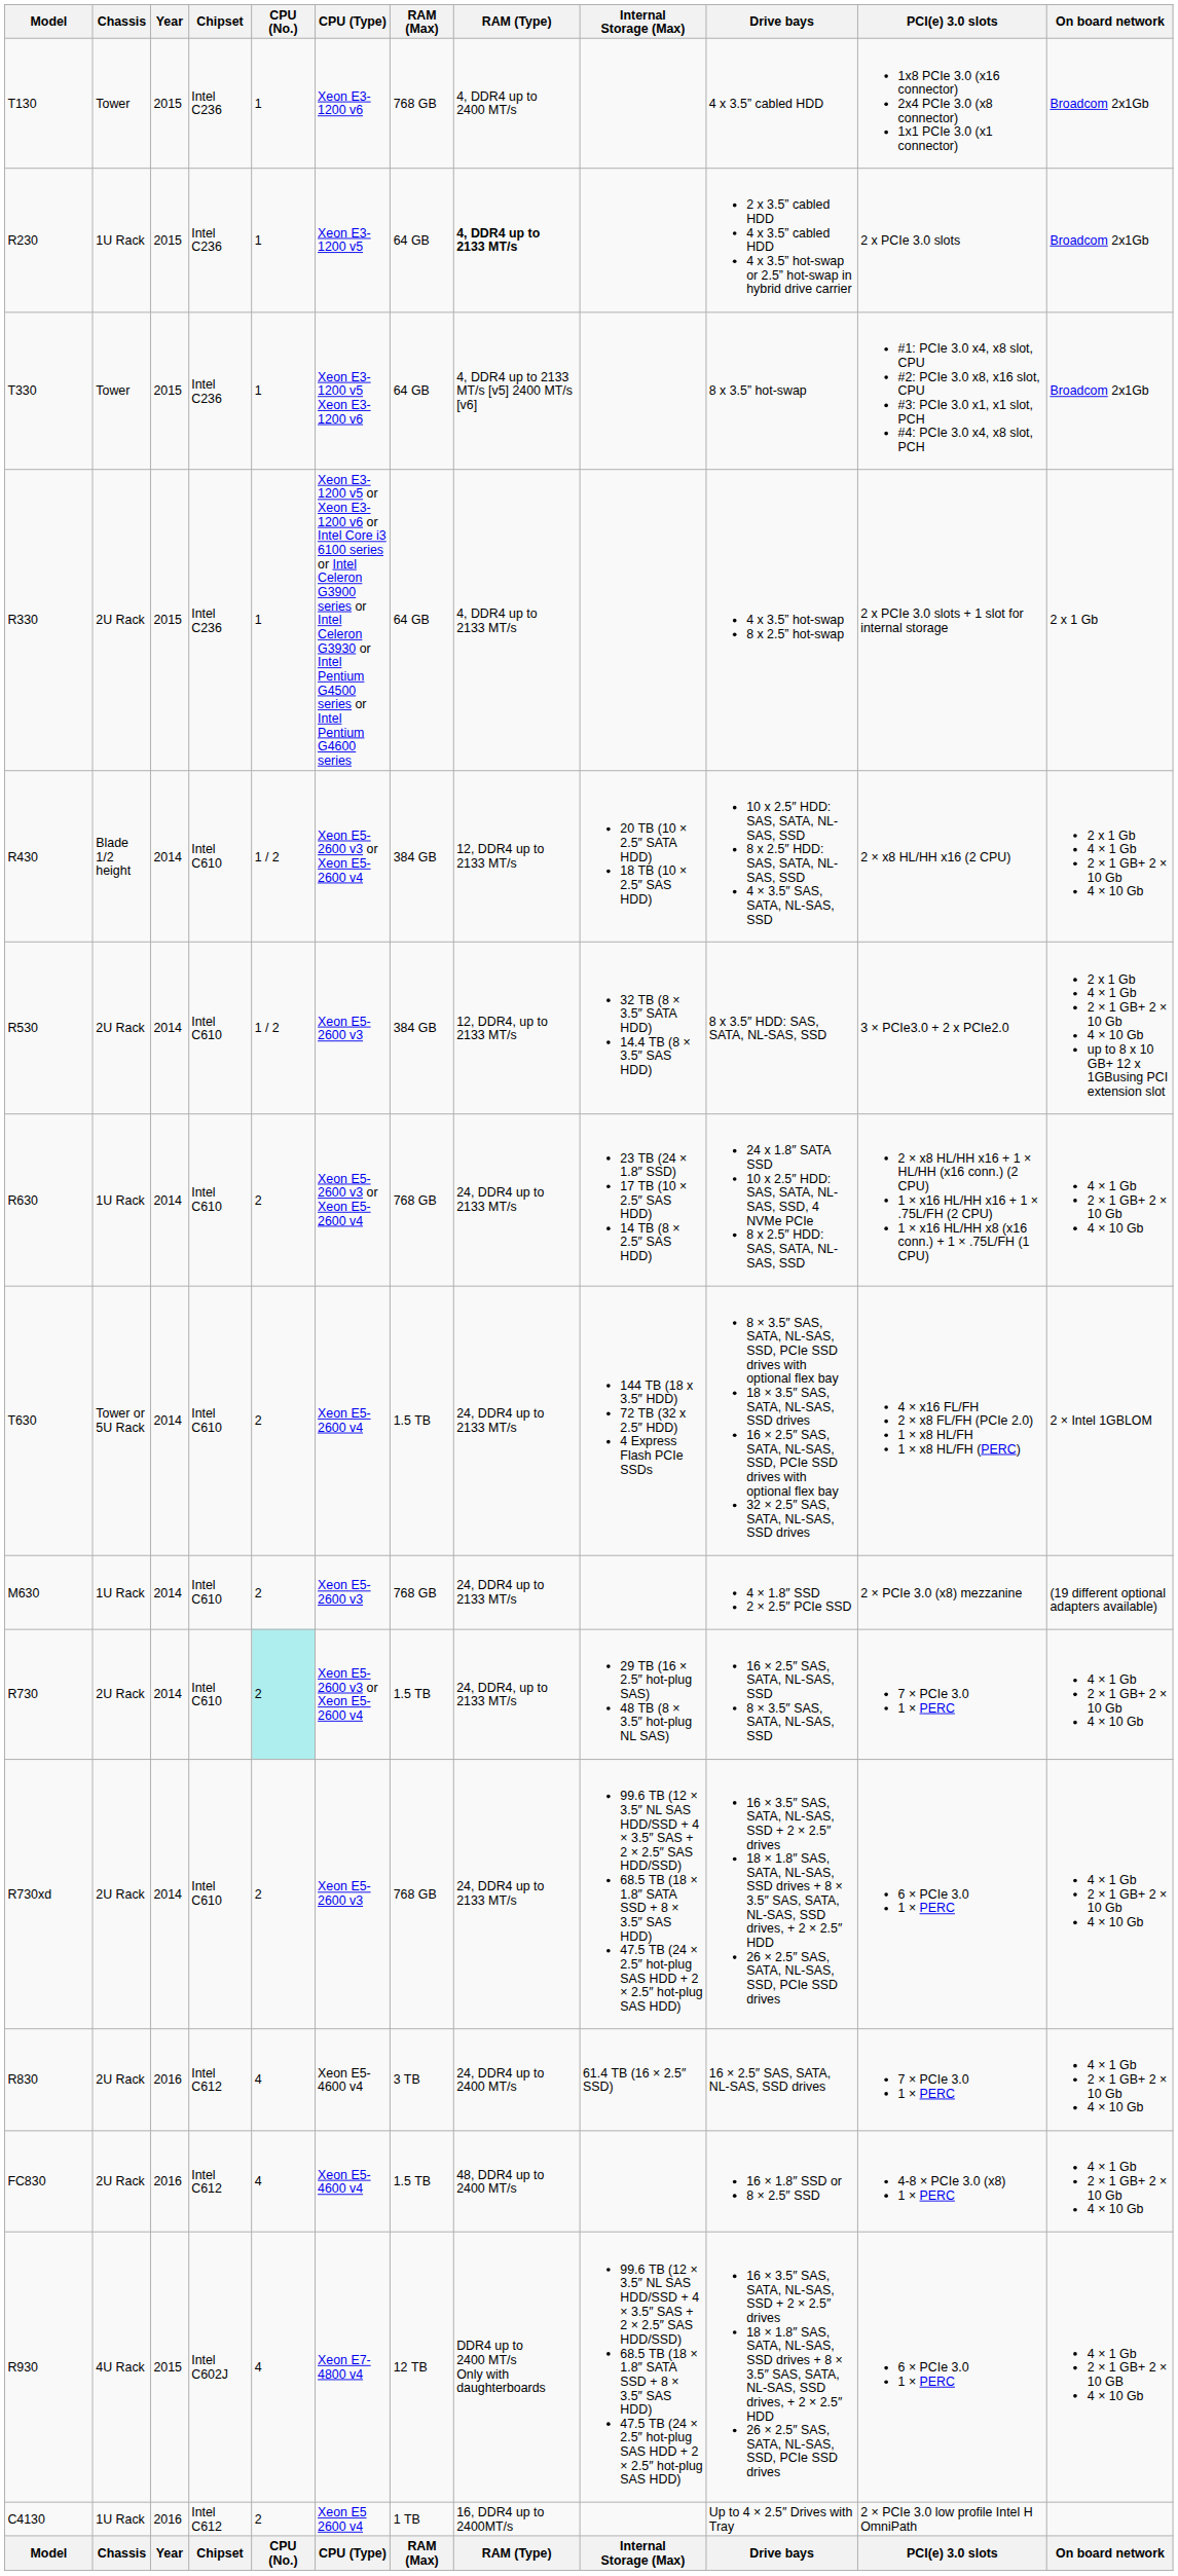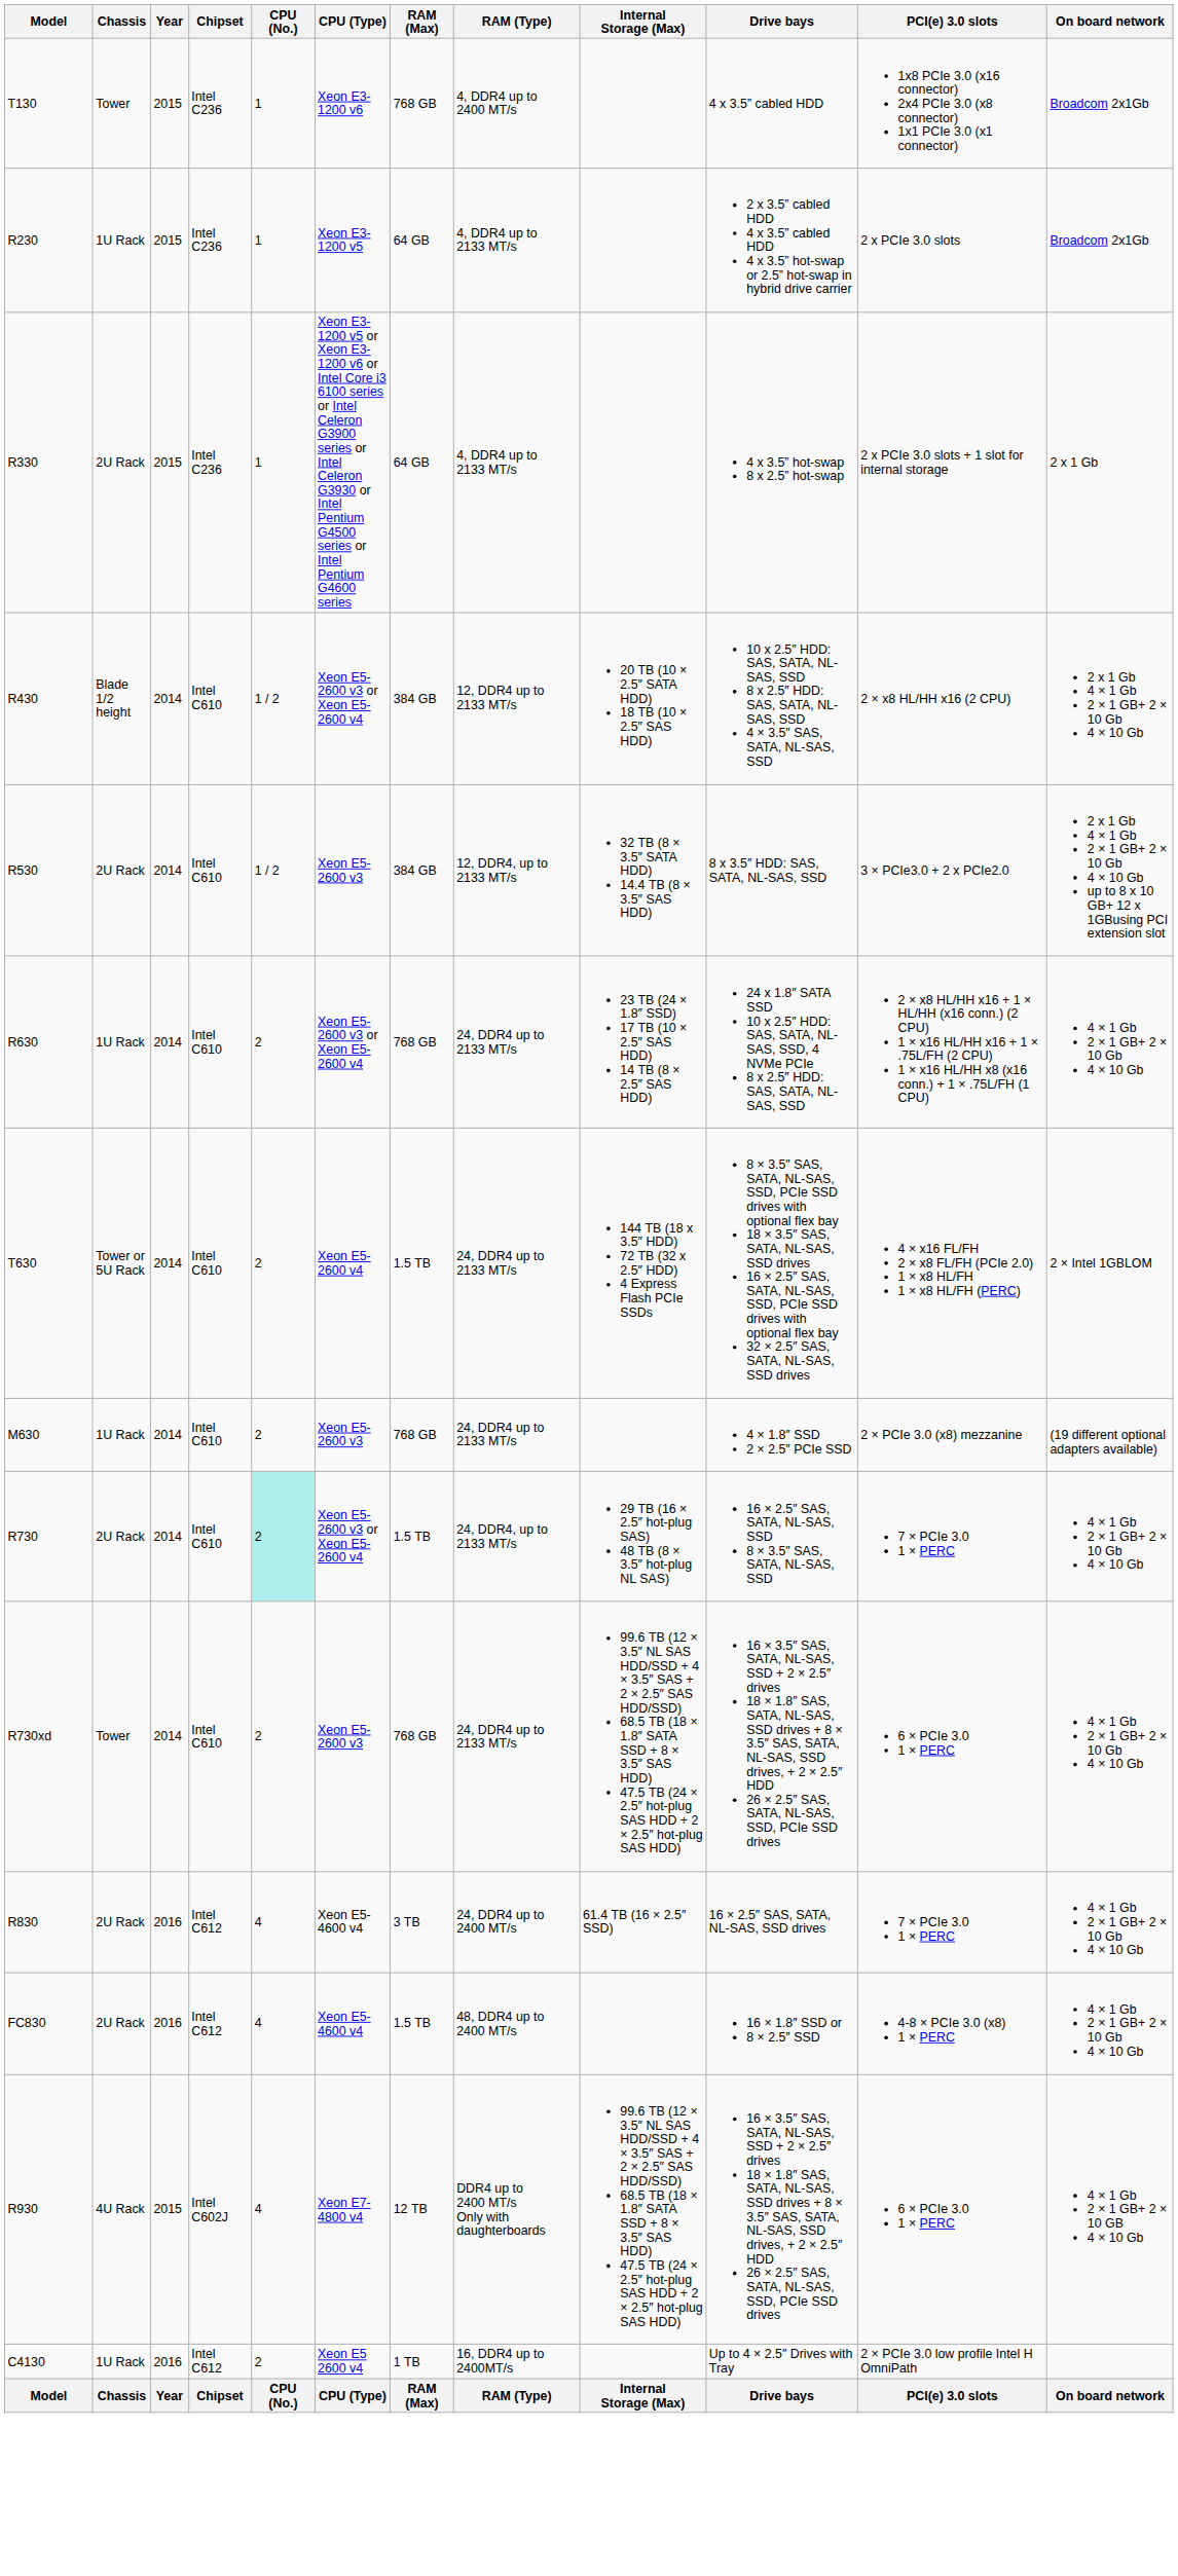 <table class="wikitable collapsible" style="clear:both; font-size: 85%;">
 <tr>
 <th width="7%">Model</th>
 <th width="3%">Chassis</th>
 <th width="3%">Year</th>
 <th width="5%">Chipset</th>
 <th width="4%">CPU (No.)</th>
 <th width="6%">CPU (Type)</th>
 <th width="5%">RAM<br>(Max)</th>
 <th width="8%">RAM (Type)</th>
 <th width="10%">Internal<br>Storage (Max)</th>
 <th width="12%">Drive bays</th>
 <th width="13%">PCI(e) 3.0 slots</th>
 <th width="10%">On board network</th>
 </tr>
 <tr>
 <td>T130</td>
 <td>Tower</td>
 <td>2015</td>
 <td>Intel C236</td>
 <td>1</td>
 <td><a href='#'>Xeon E3-1200 v6</a></td>
 <td>768 GB</td>
 <td>4, DDR4 up to 2400 MT/s</td>
 <td></td>
 <td>4 x 3.5” cabled HDD</td>
 <td><br><ul><li>1x8 PCIe 3.0 (x16 connector)</li><li>2x4 PCIe 3.0 (x8 connector)</li><li>1x1 PCIe 3.0 (x1 connector)</li></ul></td>
 <td><a href='#'>Broadcom</a> 2x1Gb</td>
 </tr>
 <tr>
 <td>R230</td>
 <td>1U Rack</td>
 <td>2015</td>
 <td>Intel C236</td>
 <td>1</td>
 <td><a href='#'>Xeon E3-1200 v5</a></td>
 <td>64 GB</td>
-<td><strong>4, DDR4 up to 2133 MT/s</strong></td>
+<td>4, DDR4 up to 2133 MT/s</td>
 <td></td>
 <td><br><ul><li>2 x 3.5” cabled HDD</li><li>4 x 3.5” cabled HDD</li><li>4 x 3.5” hot-swap or 2.5” hot-swap in hybrid drive carrier</li></ul></td>
 <td>2 x PCIe 3.0 slots</td>
-<td><a href='#'>Broadcom</a> 2x1Gb</td>
-</tr>
-<tr>
-<td>T330</td>
-<td>Tower</td>
-<td>2015</td>
-<td>Intel C236</td>
-<td>1</td>
-<td><br><a href='#'>Xeon E3-1200 v5</a> <a href='#'>Xeon E3-1200 v6</a></td>
-<td>64 GB</td>
-<td>4, DDR4 up to 2133 MT/s [v5] 2400 MT/s [v6]</td>
-<td></td>
-<td>8 x 3.5” hot-swap</td>
-<td><br><ul><li>#1: PCIe 3.0 x4, x8 slot, CPU</li><li>#2: PCIe 3.0 x8, x16 slot, CPU</li><li>#3: PCIe 3.0 x1, x1 slot, PCH</li><li>#4: PCIe 3.0 x4, x8 slot, PCH</li></ul></td>
 <td><a href='#'>Broadcom</a> 2x1Gb</td>
 </tr>
 <tr>
 <td>R330</td>
 <td>2U Rack</td>
 <td>2015</td>
 <td>Intel C236</td>
 <td>1</td>
 <td><a href='#'>Xeon E3-1200 v5</a> or <a href='#'>Xeon E3-1200 v6</a> or <a href='#'>Intel Core i3 6100 series</a> or <a href='#'>Intel Celeron G3900 series</a> or <a href='#'>Intel Celeron G3930</a> or <a href='#'>Intel Pentium G4500 series</a> or <a href='#'>Intel Pentium G4600 series</a></td>
 <td>64 GB</td>
 <td>4, DDR4 up to 2133 MT/s</td>
 <td></td>
 <td><br><ul><li>4 x 3.5” hot-swap</li><li>8 x 2.5” hot-swap</li></ul></td>
 <td>2 x PCIe 3.0 slots + 1 slot for internal storage</td>
 <td>2 x 1 Gb</td>
 </tr>
 <tr>
 <td>R430</td>
 <td>Blade 1/2 height</td>
 <td>2014</td>
 <td>Intel C610</td>
 <td>1 / 2</td>
 <td><a href='#'>Xeon E5-2600 v3</a> or <a href='#'>Xeon E5-2600 v4</a></td>
 <td>384 GB</td>
 <td>12, DDR4 up to 2133 MT/s</td>
 <td><br><ul><li>20 TB (10 × 2.5″ SATA HDD)</li><li>18 TB (10 × 2.5″ SAS HDD)</li></ul></td>
 <td><br><ul><li>10 x 2.5″ HDD: SAS, SATA, NL-SAS, SSD</li><li>8 x 2.5″ HDD: SAS, SATA, NL-SAS, SSD</li><li>4 × 3.5″ SAS, SATA, NL-SAS, SSD</li></ul></td>
 <td>2 × x8 HL/HH x16 (2 CPU)</td>
 <td><br><ul><li>2 x 1 Gb</li><li>4 × 1 Gb</li><li>2 × 1 GB+ 2 × 10 Gb</li><li>4 × 10 Gb</li></ul></td>
 </tr>
 <tr>
 <td>R530</td>
 <td>2U Rack</td>
 <td>2014</td>
 <td>Intel C610</td>
 <td>1 / 2</td>
 <td><a href='#'>Xeon E5-2600 v3</a></td>
 <td>384 GB</td>
 <td>12, DDR4, up to 2133 MT/s</td>
 <td><br><ul><li>32 TB (8 × 3.5″ SATA HDD)</li><li>14.4 TB (8 × 3.5″ SAS HDD)</li></ul></td>
 <td>8 x 3.5″ HDD: SAS, SATA, NL-SAS, SSD</td>
 <td>3 × PCIe3.0 + 2 x PCIe2.0</td>
 <td><br><ul><li>2 x 1 Gb</li><li>4 × 1 Gb</li><li>2 × 1 GB+ 2 × 10 Gb</li><li>4 × 10 Gb</li><li>up to 8 x 10 GB+ 12 x 1GBusing PCI extension slot</li></ul></td>
 </tr>
 <tr>
 <td>R630</td>
 <td>1U Rack</td>
 <td>2014</td>
 <td>Intel C610</td>
 <td>2</td>
 <td><a href='#'>Xeon E5-2600 v3</a> or <a href='#'>Xeon E5-2600 v4</a></td>
 <td>768 GB</td>
 <td>24, DDR4 up to 2133 MT/s</td>
 <td><br><ul><li>23 TB (24 × 1.8″ SSD)</li><li>17 TB (10 × 2.5″ SAS HDD)</li><li>14 TB (8 × 2.5″ SAS HDD)</li></ul></td>
 <td><br><ul><li>24 x 1.8″ SATA SSD</li><li>10 x 2.5″ HDD: SAS, SATA, NL-SAS, SSD, 4 NVMe PCIe</li><li>8 x 2.5″ HDD: SAS, SATA, NL-SAS, SSD</li></ul></td>
 <td><br><ul><li>2 × x8 HL/HH x16 + 1 × HL/HH (x16 conn.) (2 CPU)</li><li>1 × x16 HL/HH x16 + 1 × .75L/FH (2 CPU)</li><li>1 × x16 HL/HH x8 (x16 conn.) + 1 × .75L/FH (1 CPU)</li></ul></td>
 <td><br><ul><li>4 × 1 Gb</li><li>2 × 1 GB+ 2 × 10 Gb</li><li>4 × 10 Gb</li></ul></td>
 </tr>
 <tr>
 <td>T630</td>
 <td>Tower or 5U Rack</td>
 <td>2014</td>
 <td>Intel C610</td>
 <td>2</td>
 <td><a href='#'>Xeon E5-2600 v4</a></td>
 <td>1.5 TB</td>
 <td>24, DDR4 up to 2133 MT/s</td>
 <td><br><ul><li>144 TB (18 x 3.5″ HDD)</li><li>72 TB (32 x 2.5″ HDD)</li><li>4 Express Flash PCIe SSDs</li></ul></td>
 <td><br><ul><li>8 × 3.5″ SAS, SATA, NL-SAS, SSD, PCIe SSD drives with optional flex bay</li><li>18 × 3.5″ SAS, SATA, NL-SAS, SSD drives</li><li>16 × 2.5″ SAS, SATA, NL-SAS, SSD, PCIe SSD drives with optional flex bay</li><li>32 × 2.5″ SAS, SATA, NL-SAS, SSD drives</li></ul></td>
 <td><br><ul><li>4 × x16 FL/FH</li><li>2 × x8 FL/FH (PCIe 2.0)</li><li>1 × x8 HL/FH</li><li>1 × x8 HL/FH (<a href='#'>PERC</a>)</li></ul></td>
 <td>2 × Intel 1GBLOM</td>
 </tr>
 <tr>
 <td>M630</td>
 <td>1U Rack</td>
 <td>2014</td>
 <td>Intel C610</td>
 <td>2</td>
 <td><a href='#'>Xeon E5-2600 v3</a></td>
 <td>768 GB</td>
 <td>24, DDR4 up to 2133 MT/s</td>
 <td></td>
 <td><br><ul><li>4 × 1.8″ SSD</li><li>2 × 2.5″ PCIe SSD</li></ul></td>
 <td>2 × PCIe 3.0 (x8) mezzanine</td>
 <td><br>(19 different optional adapters available)</td>
 </tr>
 <tr>
 <td>R730</td>
 <td>2U Rack</td>
 <td>2014</td>
 <td>Intel C610</td>
 <td style="background: paleturquoise;">2</td>
 <td><a href='#'>Xeon E5-2600 v3</a> or <a href='#'>Xeon E5-2600 v4</a></td>
 <td>1.5 TB</td>
 <td>24, DDR4, up to 2133 MT/s</td>
 <td><br><ul><li>29 TB (16 × 2.5″ hot-plug SAS)</li><li>48 TB (8 × 3.5″ hot-plug NL SAS)</li></ul></td>
 <td><br><ul><li>16 × 2.5″ SAS, SATA, NL-SAS, SSD</li><li>8 × 3.5″ SAS, SATA, NL-SAS, SSD</li></ul></td>
 <td><br><ul><li>7 × PCIe 3.0</li><li>1 × <a href='#'>PERC</a></li></ul></td>
 <td><br><ul><li>4 × 1 Gb</li><li>2 × 1 GB+ 2 × 10 Gb</li><li>4 × 10 Gb</li></ul></td>
 </tr>
 <tr>
 <td>R730xd</td>
-<td>2U Rack</td>
+<td>Tower</td>
 <td>2014</td>
 <td>Intel C610</td>
 <td>2</td>
 <td><a href='#'>Xeon E5-2600 v3</a></td>
 <td>768 GB</td>
 <td>24, DDR4 up to 2133 MT/s</td>
 <td><br><ul><li>99.6 TB (12 × 3.5″ NL SAS HDD/SSD + 4 × 3.5″ SAS + 2 × 2.5″ SAS HDD/SSD)</li><li>68.5 TB (18 × 1.8″ SATA SSD + 8 × 3.5″ SAS HDD)</li><li>47.5 TB (24 × 2.5″ hot-plug SAS HDD + 2 × 2.5″ hot-plug SAS HDD)</li></ul></td>
 <td><br><ul><li>16 × 3.5″ SAS, SATA, NL-SAS, SSD + 2 × 2.5″ drives</li><li>18 × 1.8″ SAS, SATA, NL-SAS, SSD drives + 8 × 3.5″ SAS, SATA, NL-SAS, SSD drives, + 2 × 2.5″ HDD</li><li>26 × 2.5″ SAS, SATA, NL-SAS, SSD, PCIe SSD drives</li></ul></td>
 <td><br><ul><li>6 × PCIe 3.0</li><li>1 × <a href='#'>PERC</a></li></ul></td>
 <td><br><ul><li>4 × 1 Gb</li><li>2 × 1 GB+ 2 × 10 Gb</li><li>4 × 10 Gb</li></ul></td>
 </tr>
 <tr>
 <td>R830</td>
 <td>2U Rack</td>
 <td>2016</td>
 <td>Intel C612</td>
 <td>4</td>
 <td>Xeon E5-4600 v4</td>
 <td>3 TB</td>
 <td>24, DDR4 up to 2400 MT/s</td>
 <td>61.4 TB (16 × 2.5″ SSD)</td>
 <td>16 × 2.5″ SAS, SATA, NL-SAS, SSD drives</td>
 <td><br><ul><li>7 × PCIe 3.0</li><li>1 × <a href='#'>PERC</a></li></ul></td>
 <td><br><ul><li>4 × 1 Gb</li><li>2 × 1 GB+ 2 × 10 Gb</li><li>4 × 10 Gb</li></ul></td>
 </tr>
 <tr>
 <td>FC830</td>
 <td>2U Rack</td>
 <td>2016</td>
 <td>Intel C612</td>
 <td>4</td>
 <td><a href='#'>Xeon E5-4600 v4</a></td>
 <td>1.5 TB</td>
 <td>48, DDR4 up to 2400 MT/s</td>
 <td></td>
 <td><br><ul><li>16 × 1.8″ SSD or</li><li>8 × 2.5″ SSD</li></ul></td>
 <td><br><ul><li>4-8 × PCIe 3.0 (x8)</li><li>1 × <a href='#'>PERC</a></li></ul></td>
 <td><br><ul><li>4 × 1 Gb</li><li>2 × 1 GB+ 2 × 10 Gb</li><li>4 × 10 Gb</li></ul></td>
 </tr>
 <tr>
 <td>R930</td>
 <td>4U Rack</td>
 <td>2015</td>
 <td>Intel C602J</td>
 <td>4</td>
 <td><a href='#'>Xeon E7-4800 v4</a></td>
 <td>12 TB</td>
 <td>DDR4 up to 2400 MT/s<br>Only with daughterboards</td>
 <td><br><ul><li>99.6 TB (12 × 3.5″ NL SAS HDD/SSD + 4 × 3.5″ SAS + 2 × 2.5″ SAS HDD/SSD)</li><li>68.5 TB (18 × 1.8″ SATA SSD + 8 × 3.5″ SAS HDD)</li><li>47.5 TB (24 × 2.5″ hot-plug SAS HDD + 2 × 2.5″ hot-plug SAS HDD)</li></ul></td>
 <td><br><ul><li>16 × 3.5″ SAS, SATA, NL-SAS, SSD + 2 × 2.5″ drives</li><li>18 × 1.8″ SAS, SATA, NL-SAS, SSD drives + 8 × 3.5″ SAS, SATA, NL-SAS, SSD drives, + 2 × 2.5″ HDD</li><li>26 × 2.5″ SAS, SATA, NL-SAS, SSD, PCIe SSD drives</li></ul></td>
 <td><br><ul><li>6 × PCIe 3.0</li><li>1 × <a href='#'>PERC</a></li></ul></td>
 <td><br><ul><li>4 × 1 Gb</li><li>2 × 1 GB+ 2 × 10 GB</li><li>4 × 10 Gb</li></ul></td>
 </tr>
 <tr>
 <td>C4130</td>
 <td>1U Rack</td>
 <td>2016</td>
 <td>Intel C612</td>
 <td>2</td>
 <td><a href='#'>Xeon E5 2600 v4</a></td>
 <td>1 TB</td>
 <td>16, DDR4 up to 2400MT/s</td>
 <td></td>
 <td>Up to 4 × 2.5″ Drives with Tray</td>
 <td>2 × PCIe 3.0 low profile Intel H OmniPath</td>
 <td></td>
 </tr>
 <tr>
 <th width="7%">Model</th>
 <th width="3%">Chassis</th>
 <th width="3%">Year</th>
 <th width="5%">Chipset</th>
 <th width="5%">CPU (No.)</th>
 <th width="5%">CPU (Type)</th>
 <th width="5%">RAM<br>(Max)</th>
 <th width="10%">RAM (Type)</th>
 <th width="10%">Internal<br>Storage (Max)</th>
 <th width="10%">Drive bays</th>
 <th width="15%">PCI(e) 3.0 slots</th>
 <th width="10%">On board network</th>
 </tr>
 </table>
